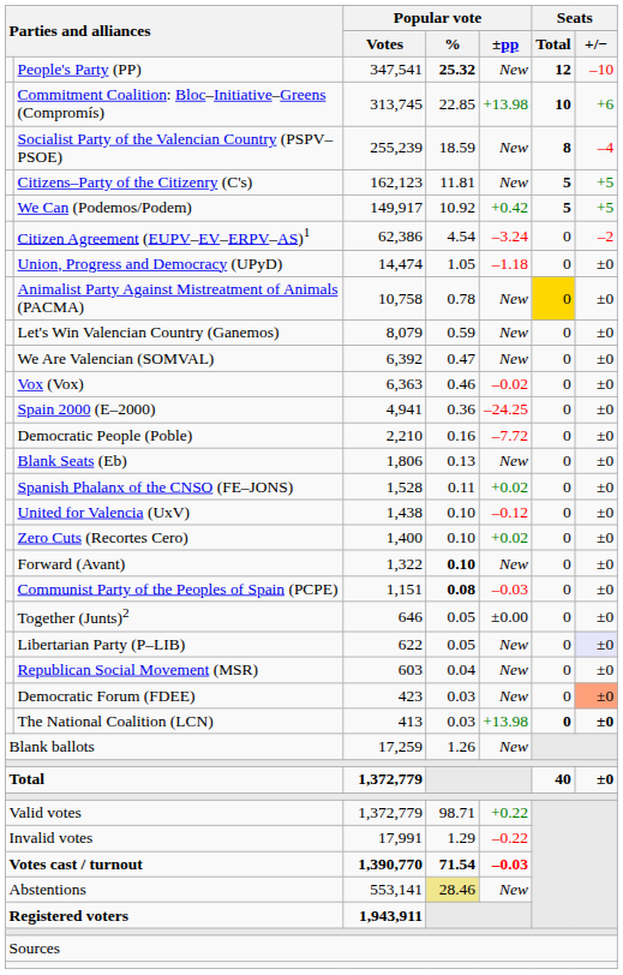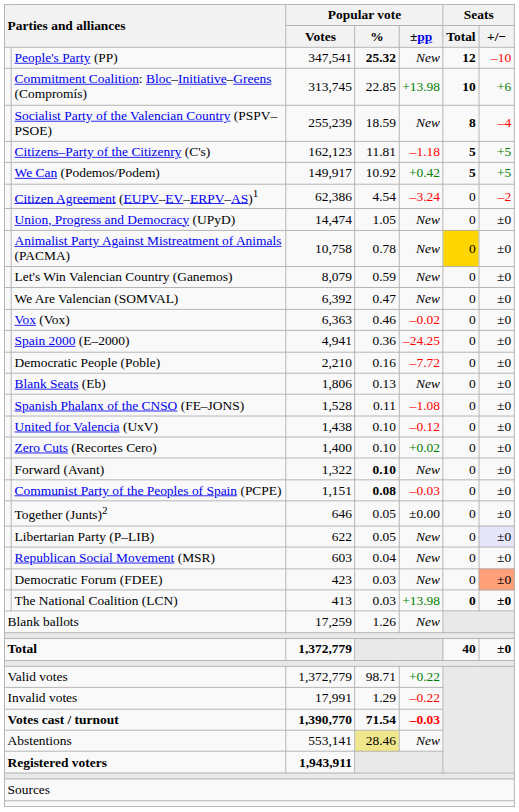 <table class="wikitable" style="text-align:right;">
 <tr>
 <th style="text-align:left;" rowspan="2" colspan="2" width="525">Parties and alliances</th>
 <th colspan="3">Popular vote</th>
 <th colspan="2">Seats</th>
 </tr>
 <tr>
 <th width="75">Votes</th>
 <th width="45">%</th>
 <th width="45">±<a href='#'>pp</a></th>
 <th width="35">Total</th>
 <th width="35">+/−</th>
 </tr>
 <tr>
 <td width="1" style="color:inherit;background:"></td>
 <td align="left"><a href='#'>People's Party</a> (PP)</td>
 <td>347,541</td>
 <td><strong>25.32</strong></td>
 <td><em>New</em></td>
 <td><strong>12</strong></td>
 <td style="color:red;">–10</td>
 </tr>
 <tr>
 <td style="color:inherit;background:"></td>
 <td align="left"><a href='#'>Commitment Coalition</a>: <a href='#'>Bloc</a>–<a href='#'>Initiative</a>–<a href='#'>Greens</a> (Compromís)</td>
 <td>313,745</td>
 <td>22.85</td>
 <td style="color:green;">+13.98</td>
 <td><strong>10</strong></td>
 <td style="color:green;">+6</td>
 </tr>
 <tr>
 <td style="color:inherit;background:"></td>
 <td align="left"><a href='#'>Socialist Party of the Valencian Country</a> (PSPV–PSOE)</td>
 <td>255,239</td>
 <td>18.59</td>
 <td><em>New</em></td>
 <td><strong>8</strong></td>
 <td style="color:red;">–4</td>
 </tr>
 <tr>
 <td style="color:inherit;background:"></td>
 <td align="left"><a href='#'>Citizens–Party of the Citizenry</a> (C's)</td>
 <td>162,123</td>
 <td>11.81</td>
-<td><em>New</em></td>
+<td style="color:red;">–1.18</td>
 <td><strong>5</strong></td>
 <td style="color:green;">+5</td>
 </tr>
 <tr>
 <td style="color:inherit;background:"></td>
 <td align="left"><a href='#'>We Can</a> (Podemos/Podem)</td>
 <td>149,917</td>
 <td>10.92</td>
 <td style="color:green;">+0.42</td>
 <td><strong>5</strong></td>
 <td style="color:green;">+5</td>
 </tr>
 <tr>
 <td style="color:inherit;background:"></td>
 <td align="left"><a href='#'>Citizen Agreement</a> (<a href='#'>EUPV</a>–<a href='#'>EV</a>–<a href='#'>ERPV</a>–<a href='#'>AS</a>)<sup>1</sup></td>
 <td>62,386</td>
 <td>4.54</td>
 <td style="color:red;">–3.24</td>
 <td>0</td>
 <td style="color:red;">–2</td>
 </tr>
 <tr>
 <td style="color:inherit;background:"></td>
 <td align="left"><a href='#'>Union, Progress and Democracy</a> (UPyD)</td>
 <td>14,474</td>
 <td>1.05</td>
-<td style="color:red;">–1.18</td>
+<td><em>New</em></td>
 <td>0</td>
 <td>±0</td>
 </tr>
 <tr>
 <td style="color:inherit;background:"></td>
 <td align="left"><a href='#'>Animalist Party Against Mistreatment of Animals</a> (PACMA)</td>
 <td>10,758</td>
 <td>0.78</td>
 <td><em>New</em></td>
 <td style="background: gold;">0</td>
 <td>±0</td>
 </tr>
 <tr>
 <td style="color:inherit;background:"></td>
 <td align="left">Let's Win Valencian Country (Ganemos)</td>
 <td>8,079</td>
 <td>0.59</td>
 <td><em>New</em></td>
 <td>0</td>
 <td>±0</td>
 </tr>
 <tr>
 <td style="color:inherit;background:"></td>
 <td align="left">We Are Valencian (SOMVAL)</td>
 <td>6,392</td>
 <td>0.47</td>
 <td><em>New</em></td>
 <td>0</td>
 <td>±0</td>
 </tr>
 <tr>
 <td style="color:inherit;background:"></td>
 <td align="left"><a href='#'>Vox</a> (Vox)</td>
 <td>6,363</td>
 <td>0.46</td>
 <td style="color:red;">–0.02</td>
 <td>0</td>
 <td>±0</td>
 </tr>
 <tr>
 <td style="color:inherit;background:"></td>
 <td align="left"><a href='#'>Spain 2000</a> (E–2000)</td>
 <td>4,941</td>
 <td>0.36</td>
 <td style="color:red;">–24.25</td>
 <td>0</td>
 <td>±0</td>
 </tr>
 <tr>
 <td style="color:inherit;background:"></td>
 <td align="left">Democratic People (Poble)</td>
 <td>2,210</td>
 <td>0.16</td>
 <td style="color:red;">–7.72</td>
 <td>0</td>
 <td>±0</td>
 </tr>
 <tr>
 <td style="color:inherit;background:"></td>
 <td align="left"><a href='#'>Blank Seats</a> (Eb)</td>
 <td>1,806</td>
 <td>0.13</td>
 <td><em>New</em></td>
 <td>0</td>
 <td>±0</td>
 </tr>
 <tr>
 <td style="color:inherit;background:"></td>
 <td align="left"><a href='#'>Spanish Phalanx of the CNSO</a> (FE–JONS)</td>
 <td>1,528</td>
 <td>0.11</td>
-<td style="color:green;">+0.02</td>
+<td style="color:red;">–1.08</td>
 <td>0</td>
 <td>±0</td>
 </tr>
 <tr>
 <td style="color:inherit;background:"></td>
 <td align="left"><a href='#'>United for Valencia</a> (UxV)</td>
 <td>1,438</td>
 <td>0.10</td>
 <td style="color:red;">–0.12</td>
 <td>0</td>
 <td>±0</td>
 </tr>
 <tr>
 <td style="color:inherit;background:"></td>
 <td align="left"><a href='#'>Zero Cuts</a> (Recortes Cero)</td>
 <td>1,400</td>
 <td>0.10</td>
 <td style="color:green;">+0.02</td>
 <td>0</td>
 <td>±0</td>
 </tr>
 <tr>
 <td style="color:inherit;background:"></td>
 <td align="left">Forward (Avant)</td>
 <td>1,322</td>
 <td><strong>0.10</strong></td>
 <td><em>New</em></td>
 <td>0</td>
 <td>±0</td>
 </tr>
 <tr>
 <td style="color:inherit;background:"></td>
 <td align="left"><a href='#'>Communist Party of the Peoples of Spain</a> (PCPE)</td>
 <td>1,151</td>
 <td><strong>0.08</strong></td>
 <td style="color:red;">–0.03</td>
 <td>0</td>
 <td>±0</td>
 </tr>
 <tr>
 <td style="color:inherit;background:"></td>
 <td align="left">Together (Junts)<sup>2</sup></td>
 <td>646</td>
 <td>0.05</td>
 <td>±0.00</td>
 <td>0</td>
 <td>±0</td>
 </tr>
 <tr>
 <td style="color:inherit;background:"></td>
 <td align="left">Libertarian Party (P–LIB)</td>
 <td>622</td>
 <td>0.05</td>
 <td><em>New</em></td>
 <td>0</td>
 <td style="background: lavender;">±0</td>
 </tr>
 <tr>
 <td style="color:inherit;background:"></td>
 <td align="left"><a href='#'>Republican Social Movement</a> (MSR)</td>
 <td>603</td>
 <td>0.04</td>
 <td><em>New</em></td>
 <td>0</td>
 <td>±0</td>
 </tr>
 <tr>
 <td style="color:inherit;background:"></td>
 <td align="left">Democratic Forum (FDEE)</td>
 <td>423</td>
 <td>0.03</td>
 <td><em>New</em></td>
 <td>0</td>
 <td style="background: lightsalmon;">±0</td>
 </tr>
 <tr>
 <td style="color:inherit;background:"></td>
 <td align="left">The National Coalition (LCN)</td>
 <td>413</td>
 <td>0.03</td>
 <td style="color:green;">+13.98</td>
 <td><strong>0</strong></td>
 <td><strong>±0</strong></td>
 </tr>
 <tr>
 <td align="left" colspan="2">Blank ballots</td>
 <td>17,259</td>
 <td>1.26</td>
 <td><em>New</em></td>
 <td bgcolor="#E9E9E9" colspan="2"></td>
 </tr>
 <tr>
 <td colspan="7" bgcolor="#E9E9E9"></td>
 </tr>
 <tr style="font-weight:bold;">
 <td align="left" colspan="2">Total</td>
 <td>1,372,779</td>
 <td bgcolor="#E9E9E9" colspan="2"></td>
 <td>40</td>
 <td>±0</td>
 </tr>
 <tr>
 <td colspan="7" bgcolor="#E9E9E9"></td>
 </tr>
 <tr>
 <td align="left" colspan="2">Valid votes</td>
 <td>1,372,779</td>
 <td>98.71</td>
 <td style="color:green;">+0.22</td>
 <td bgcolor="#E9E9E9" colspan="2" rowspan="5"></td>
 </tr>
 <tr>
 <td align="left" colspan="2">Invalid votes</td>
 <td>17,991</td>
 <td>1.29</td>
 <td style="color:red;">–0.22</td>
 </tr>
 <tr style="font-weight:bold;">
 <td align="left" colspan="2">Votes cast / turnout</td>
 <td>1,390,770</td>
 <td>71.54</td>
 <td style="color:red;">–0.03</td>
 </tr>
 <tr>
 <td align="left" colspan="2">Abstentions</td>
 <td>553,141</td>
 <td style="background: khaki;">28.46</td>
 <td><em>New</em></td>
 </tr>
 <tr style="font-weight:bold;">
 <td align="left" colspan="2">Registered voters</td>
 <td>1,943,911</td>
 <td bgcolor="#E9E9E9" colspan="2"></td>
 </tr>
 <tr>
 <td colspan="7" bgcolor="#E9E9E9"></td>
 </tr>
 <tr>
 <td align="left" colspan="7">Sources</td>
 </tr>
 <tr>
 <td colspan="7" style="text-align:left; max-width:790px;"></td>
 </tr>
 </table>
